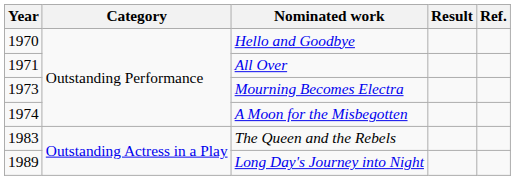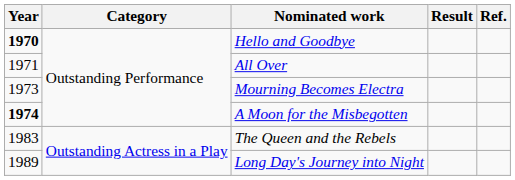 <table class="wikitable">
 <tr>
 <th>Year</th>
 <th>Category</th>
 <th>Nominated work</th>
 <th>Result</th>
 <th>Ref.</th>
 </tr>
 <tr>
-<td>1970</td>
+<td><strong>1970</strong></td>
 <td rowspan="4">Outstanding Performance</td>
 <td><em><a href='#'>Hello and Goodbye</a></em></td>
 <td></td>
 <td align="center"></td>
 </tr>
 <tr>
 <td>1971</td>
 <td><em><a href='#'>All Over</a></em></td>
 <td></td>
 <td align="center"></td>
 </tr>
 <tr>
 <td>1973</td>
 <td><em><a href='#'>Mourning Becomes Electra</a></em></td>
 <td></td>
 <td align="center"></td>
 </tr>
 <tr>
-<td>1974</td>
+<td><strong>1974</strong></td>
 <td><em><a href='#'>A Moon for the Misbegotten</a></em></td>
 <td></td>
 <td align="center"></td>
 </tr>
 <tr>
 <td>1983</td>
 <td rowspan="2"><a href='#'>Outstanding Actress in a Play</a></td>
 <td><em>The Queen and the Rebels</em></td>
 <td></td>
 <td align="center"></td>
 </tr>
 <tr>
 <td>1989</td>
 <td><em><a href='#'>Long Day's Journey into Night</a></em></td>
 <td></td>
 <td align="center"></td>
 </tr>
 </table>
